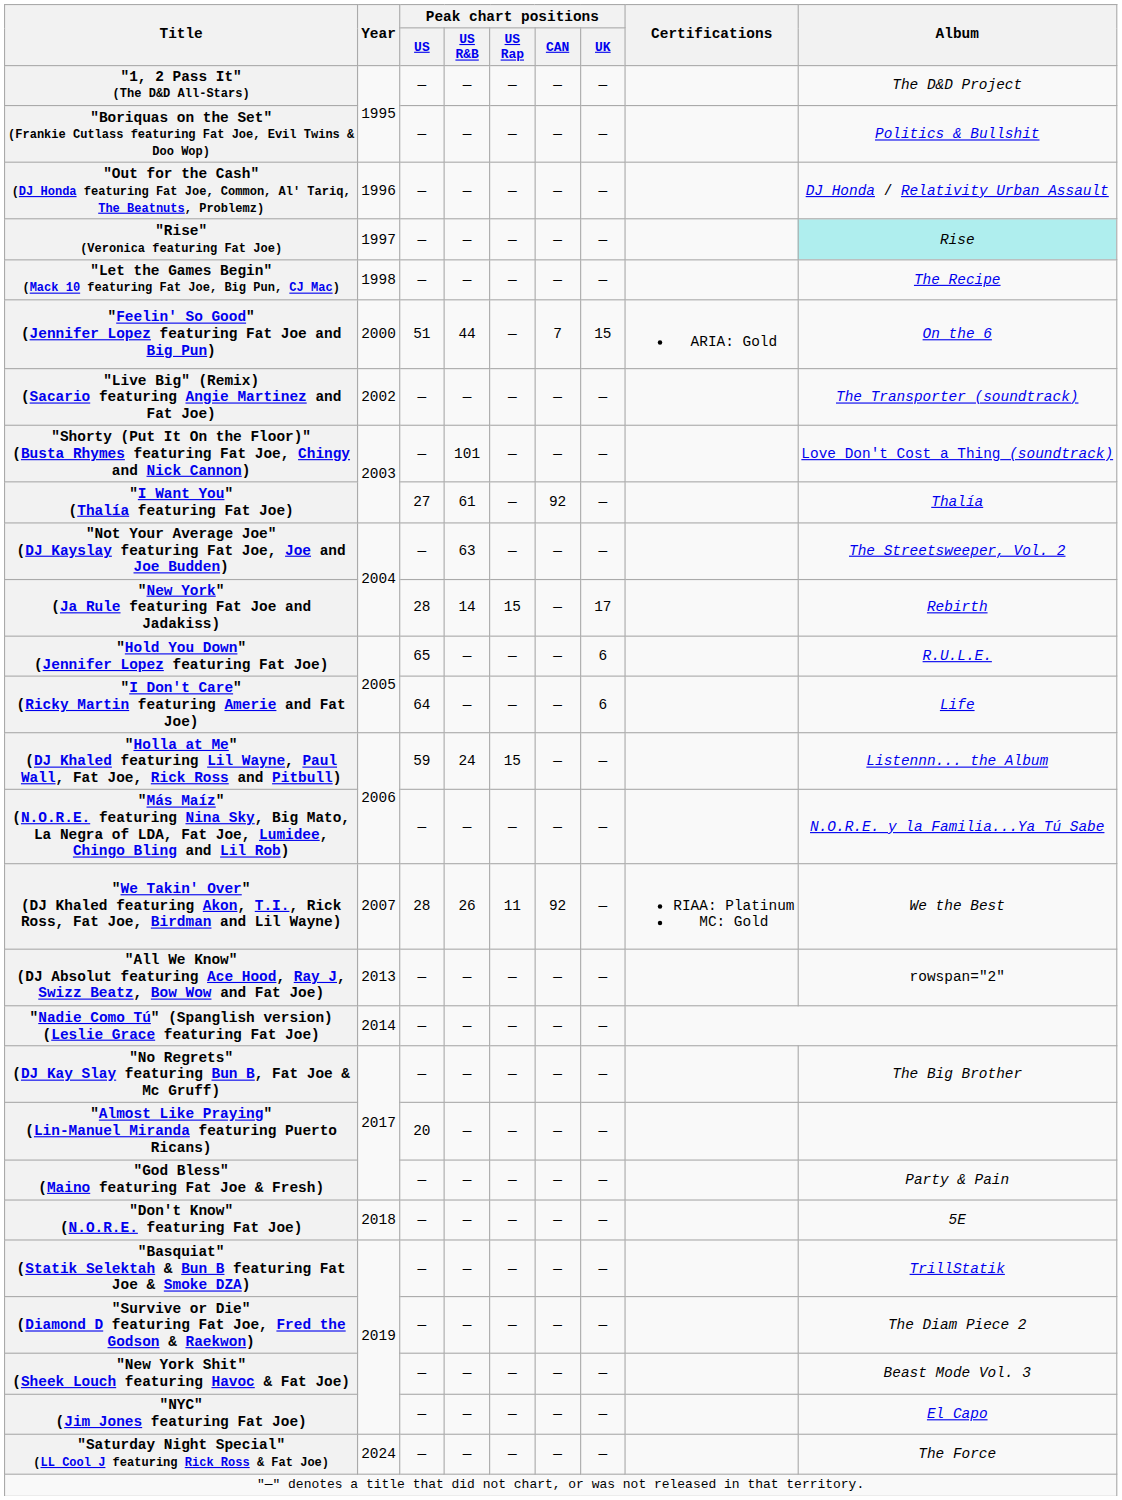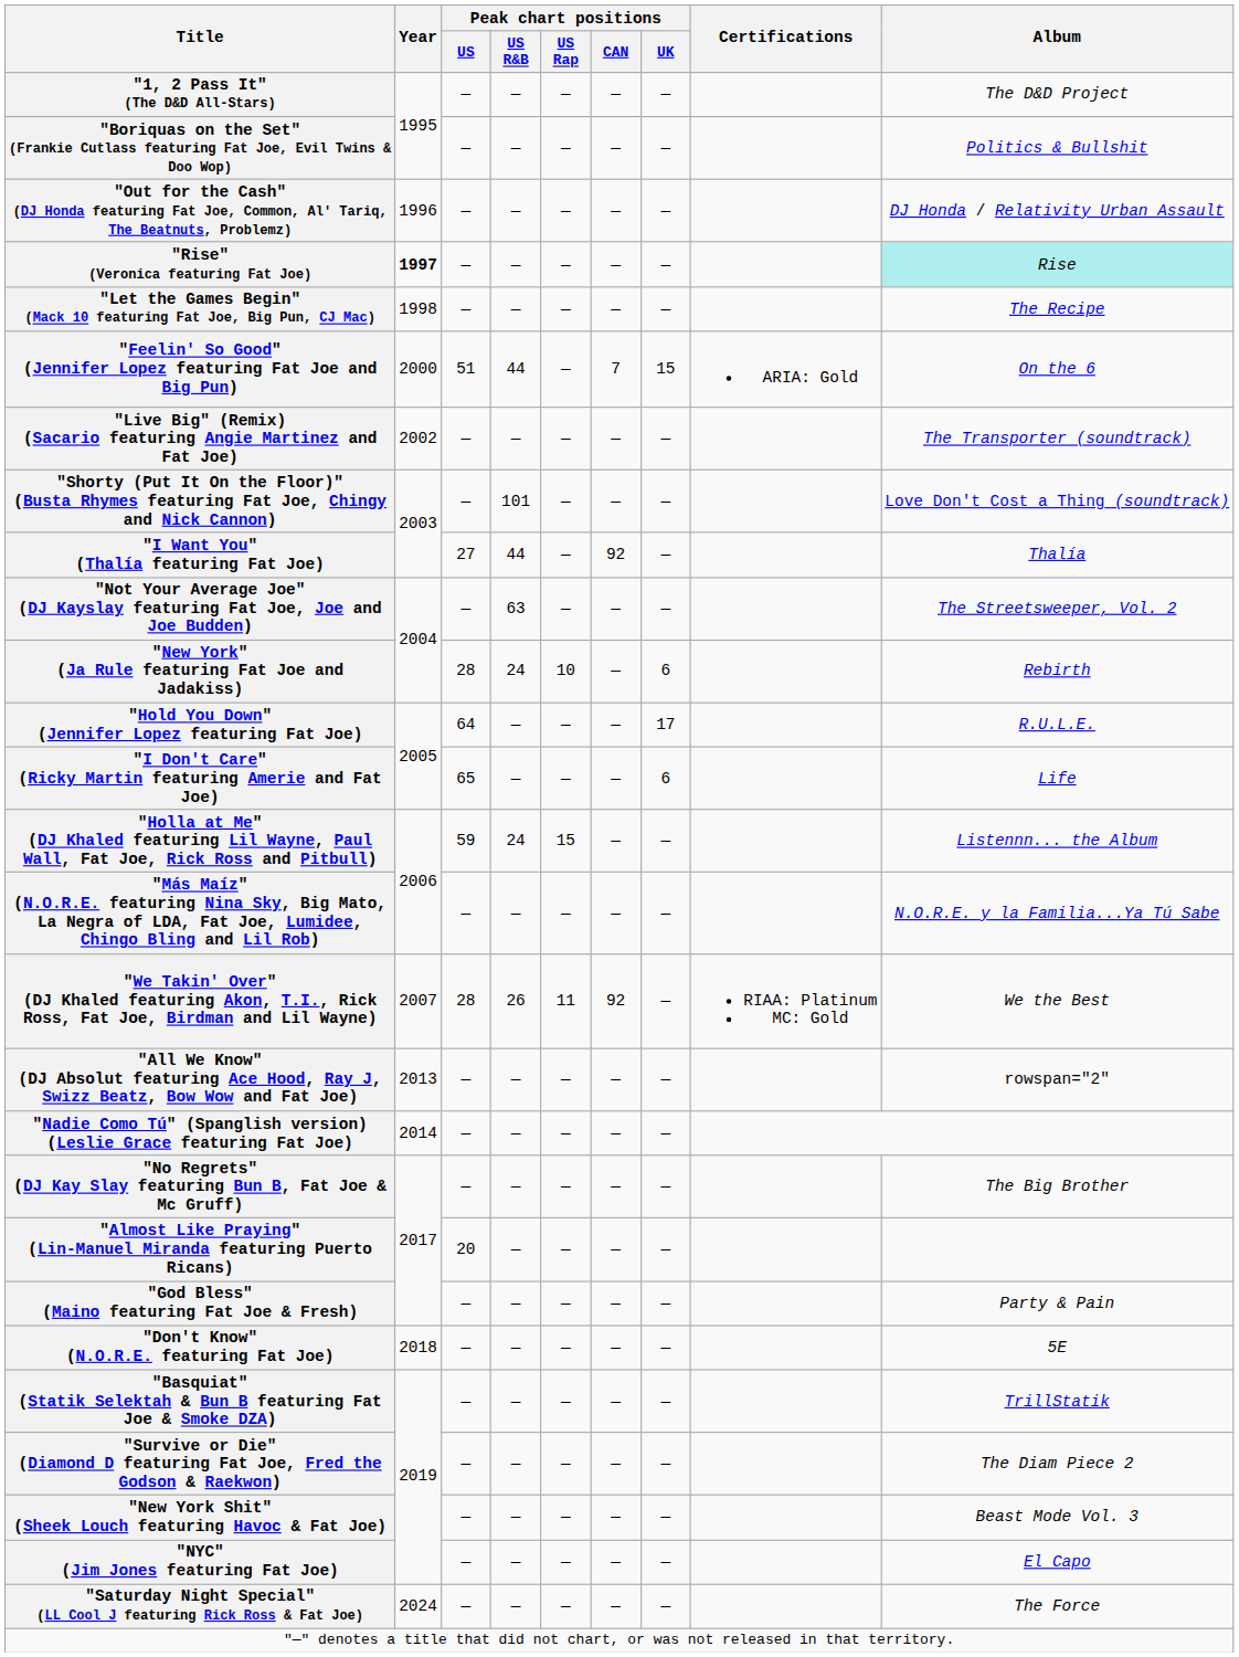 <table class="wikitable plainrowheaders" style="text-align:center;">
 <tr>
 <th scope="col" rowspan="2" style="width:24em;">Title</th>
 <th scope="col" rowspan="2">Year</th>
 <th scope="col" colspan="5">Peak chart positions</th>
 <th scope="col" rowspan="2">Certifications</th>
 <th scope="col" rowspan="2">Album</th>
 </tr>
 <tr>
 <th scope="col" style="width:3em;font-size:90%;"><a href='#'>US</a></th>
 <th scope="col" style="width:3em;font-size:90%;"><a href='#'>US<br>R&B</a></th>
 <th scope="col" style="width:3em;font-size:90%;"><a href='#'>US<br>Rap</a></th>
 <th scope="col" style="width:3em;font-size:90%;"><a href='#'>CAN</a></th>
 <th scope="col" style="width:3em;font-size:90%;"><a href='#'>UK</a></th>
 </tr>
 <tr>
 <th scope="row">"1, 2 Pass It"<br><small>(The D&D All-Stars)</small></th>
 <td rowspan="2">1995</td>
 <td>—</td>
 <td>—</td>
 <td>—</td>
 <td>—</td>
 <td>—</td>
 <td></td>
 <td><em>The D&D Project</em></td>
 </tr>
 <tr>
 <th scope="row">"Boriquas on the Set"<br><small>(Frankie Cutlass featuring Fat Joe, Evil Twins & Doo Wop)</small></th>
 <td>—</td>
 <td>—</td>
 <td>—</td>
 <td>—</td>
 <td>—</td>
 <td></td>
 <td><em><a href='#'>Politics & Bullshit</a></em></td>
 </tr>
 <tr>
 <th scope="row">"Out for the Cash"<br><small>(<a href='#'>DJ Honda</a> featuring Fat Joe, Common, Al' Tariq, <a href='#'>The Beatnuts</a>, Problemz)</small></th>
 <td>1996</td>
 <td>—</td>
 <td>—</td>
 <td>—</td>
 <td>—</td>
 <td>—</td>
 <td></td>
 <td><em><a href='#'>DJ Honda</a></em> / <em><a href='#'>Relativity Urban Assault</a></em></td>
 </tr>
 <tr>
 <th scope="row">"Rise"<br><small>(Veronica featuring Fat Joe)</small></th>
-<td>1997</td>
+<td><strong>1997</strong></td>
 <td>—</td>
 <td>—</td>
 <td>—</td>
 <td>—</td>
 <td>—</td>
 <td></td>
 <td style="background: paleturquoise;"><em>Rise</em></td>
 </tr>
 <tr>
 <th scope="row">"Let the Games Begin"<br><small>(<a href='#'>Mack 10</a> featuring Fat Joe, Big Pun, <a href='#'>CJ Mac</a>)</small></th>
 <td>1998</td>
 <td>—</td>
 <td>—</td>
 <td>—</td>
 <td>—</td>
 <td>—</td>
 <td></td>
 <td><em><a href='#'>The Recipe</a></em></td>
 </tr>
 <tr>
 <th scope="row">"<a href='#'>Feelin' So Good</a>"<br><span>(<a href='#'>Jennifer Lopez</a> featuring Fat Joe and <a href='#'>Big Pun</a>)</span></th>
 <td>2000</td>
 <td>51</td>
 <td>44</td>
 <td>—</td>
 <td>7</td>
 <td>15</td>
 <td><br><ul><li>ARIA: Gold</li></ul></td>
 <td><em><a href='#'>On the 6</a></em></td>
 </tr>
 <tr>
 <th scope="row">"Live Big" (Remix)<br><span>(<a href='#'>Sacario</a> featuring <a href='#'>Angie Martinez</a> and Fat Joe)</span></th>
 <td>2002</td>
 <td>—</td>
 <td>—</td>
 <td>—</td>
 <td>—</td>
 <td>—</td>
 <td></td>
 <td><em><a href='#'>The Transporter (soundtrack)</a></em></td>
 </tr>
 <tr>
 <th scope="row">"Shorty (Put It On the Floor)"<br><span>(<a href='#'>Busta Rhymes</a> featuring Fat Joe, <a href='#'>Chingy</a> and <a href='#'>Nick Cannon</a>)</span></th>
 <td rowspan="2">2003</td>
 <td>—</td>
 <td>101</td>
 <td>—</td>
 <td>—</td>
 <td>—</td>
 <td></td>
 <td><em><a href='#'></em>Love Don't Cost a Thing<em> (soundtrack)</a></em></td>
 </tr>
 <tr>
 <th scope="row">"<a href='#'>I Want You</a>"<br><span>(<a href='#'>Thalía</a> featuring Fat Joe)</span></th>
 <td>27</td>
-<td>61</td>
+<td>44</td>
 <td>—</td>
 <td>92</td>
 <td>—</td>
 <td></td>
 <td><em><a href='#'>Thalía</a></em></td>
 </tr>
 <tr>
 <th scope="row">"Not Your Average Joe"<br><span>(<a href='#'>DJ Kayslay</a> featuring Fat Joe, <a href='#'>Joe</a> and <a href='#'>Joe Budden</a>)</span></th>
 <td rowspan="2">2004</td>
 <td>—</td>
 <td>63</td>
 <td>—</td>
 <td>—</td>
 <td>—</td>
 <td></td>
 <td><em><a href='#'>The Streetsweeper, Vol. 2</a></em></td>
 </tr>
 <tr>
 <th scope="row">"<a href='#'>New York</a>"<br><span>(<a href='#'>Ja Rule</a> featuring Fat Joe and Jadakiss)</span></th>
 <td>28</td>
-<td>14</td>
-<td>15</td>
+<td>24</td>
+<td>10</td>
 <td>—</td>
-<td>17</td>
+<td>6</td>
 <td></td>
 <td><em><a href='#'>Rebirth</a></em></td>
 </tr>
 <tr>
 <th scope="row">"<a href='#'>Hold You Down</a>"<br><span>(<a href='#'>Jennifer Lopez</a> featuring Fat Joe)</span></th>
 <td rowspan="2">2005</td>
-<td>65</td>
+<td>64</td>
 <td>—</td>
 <td>—</td>
 <td>—</td>
-<td>6</td>
+<td>17</td>
 <td></td>
 <td><em><a href='#'>R.U.L.E.</a></em></td>
 </tr>
 <tr>
 <th scope="row">"<a href='#'>I Don't Care</a>"<br><span>(<a href='#'>Ricky Martin</a> featuring <a href='#'>Amerie</a> and Fat Joe)</span></th>
-<td>64</td>
+<td>65</td>
 <td>—</td>
 <td>—</td>
 <td>—</td>
 <td>6</td>
 <td></td>
 <td><em><a href='#'>Life</a></em></td>
 </tr>
 <tr>
 <th scope="row">"<a href='#'>Holla at Me</a>"<br><span>(<a href='#'>DJ Khaled</a> featuring <a href='#'>Lil Wayne</a>, <a href='#'>Paul Wall</a>, Fat Joe, <a href='#'>Rick Ross</a> and <a href='#'>Pitbull</a>)</span></th>
 <td rowspan="2">2006</td>
 <td>59</td>
 <td>24</td>
 <td>15</td>
 <td>—</td>
 <td>—</td>
 <td></td>
 <td><em><a href='#'>Listennn... the Album</a></em></td>
 </tr>
 <tr>
 <th scope="row">"<a href='#'>Más Maíz</a>"<br><span>(<a href='#'>N.O.R.E.</a> featuring <a href='#'>Nina Sky</a>, Big Mato, La Negra of LDA, Fat Joe, <a href='#'>Lumidee</a>, <a href='#'>Chingo Bling</a> and <a href='#'>Lil Rob</a>)</span></th>
 <td>—</td>
 <td>—</td>
 <td>—</td>
 <td>—</td>
 <td>—</td>
 <td></td>
 <td><em><a href='#'>N.O.R.E. y la Familia...Ya Tú Sabe</a></em></td>
 </tr>
 <tr>
 <th scope="row">"<a href='#'>We Takin' Over</a>"<br><span>(DJ Khaled featuring <a href='#'>Akon</a>, <a href='#'>T.I.</a>, Rick Ross, Fat Joe, <a href='#'>Birdman</a> and Lil Wayne)</span></th>
 <td>2007</td>
 <td>28</td>
 <td>26</td>
 <td>11</td>
 <td>92</td>
 <td>—</td>
 <td><br><ul><li>RIAA: Platinum</li><li>MC: Gold</li></ul></td>
 <td><em>We the Best</em></td>
 </tr>
 <tr>
 <th scope="row">"All We Know"<br><span>(DJ Absolut featuring <a href='#'>Ace Hood</a>, <a href='#'>Ray J</a>, <a href='#'>Swizz Beatz</a>, <a href='#'>Bow Wow</a> and Fat Joe)</span></th>
 <td>2013</td>
 <td>—</td>
 <td>—</td>
 <td>—</td>
 <td>—</td>
 <td>—</td>
 <td></td>
 <td>rowspan="2" </td>
 </tr>
 <tr>
 <th scope="row">"<a href='#'>Nadie Como Tú</a>" (Spanglish version)<br><span>(<a href='#'>Leslie Grace</a> featuring Fat Joe)</span></th>
 <td>2014</td>
 <td>—</td>
 <td>—</td>
 <td>—</td>
 <td>—</td>
 <td>—</td>
 </tr>
 <tr>
 <th scope="row">"No Regrets"<br><span>(<a href='#'>DJ Kay Slay</a> featuring <a href='#'>Bun B</a>, Fat Joe & Mc Gruff)</span></th>
 <td rowspan="3">2017</td>
 <td>—</td>
 <td>—</td>
 <td>—</td>
 <td>—</td>
 <td>—</td>
 <td></td>
 <td><em>The Big Brother</em></td>
 </tr>
 <tr>
 <th scope="row">"<a href='#'>Almost Like Praying</a>"<br><span>(<a href='#'>Lin-Manuel Miranda</a> featuring Puerto Ricans)</span></th>
 <td>20</td>
 <td>—</td>
 <td>—</td>
 <td>—</td>
 <td>—</td>
 <td></td>
 <td></td>
 </tr>
 <tr>
 <th scope="row">"God Bless"<br><span>(<a href='#'>Maino</a> featuring Fat Joe & Fresh)</span></th>
 <td>—</td>
 <td>—</td>
 <td>—</td>
 <td>—</td>
 <td>—</td>
 <td></td>
 <td><em>Party & Pain</em></td>
 </tr>
 <tr>
 <th scope="row">"Don't Know"<br><span>(<a href='#'>N.O.R.E.</a> featuring Fat Joe)</span></th>
 <td>2018</td>
 <td>—</td>
 <td>—</td>
 <td>—</td>
 <td>—</td>
 <td>—</td>
 <td></td>
 <td><em>5E</em></td>
 </tr>
 <tr>
 <th scope="row">"Basquiat"<br><span>(<a href='#'>Statik Selektah</a> & <a href='#'>Bun B</a> featuring Fat Joe & <a href='#'>Smoke DZA</a>)</span></th>
 <td rowspan="4">2019</td>
 <td>—</td>
 <td>—</td>
 <td>—</td>
 <td>—</td>
 <td>—</td>
 <td></td>
 <td><em><a href='#'>TrillStatik</a></em></td>
 </tr>
 <tr>
 <th scope="row">"Survive or Die"<br><span>(<a href='#'>Diamond D</a> featuring Fat Joe, <a href='#'>Fred the Godson</a> & <a href='#'>Raekwon</a>)</span></th>
 <td>—</td>
 <td>—</td>
 <td>—</td>
 <td>—</td>
 <td>—</td>
 <td></td>
 <td><em>The Diam Piece 2</em></td>
 </tr>
 <tr>
 <th scope="row">"New York Shit"<br><span>(<a href='#'>Sheek Louch</a> featuring <a href='#'>Havoc</a> & Fat Joe)</span></th>
 <td>—</td>
 <td>—</td>
 <td>—</td>
 <td>—</td>
 <td>—</td>
 <td></td>
 <td><em>Beast Mode Vol. 3</em></td>
 </tr>
 <tr>
 <th scope="row">"NYC"<br><span>(<a href='#'>Jim Jones</a> featuring Fat Joe)</span></th>
 <td>—</td>
 <td>—</td>
 <td>—</td>
 <td>—</td>
 <td>—</td>
 <td></td>
 <td><em><a href='#'>El Capo</a></em></td>
 </tr>
 <tr>
 <th scope="row">"Saturday Night Special"<br><small>(<a href='#'>LL Cool J</a> featuring <a href='#'>Rick Ross</a> & Fat Joe)<br></small></th>
 <td rowspan="1">2024</td>
 <td>—</td>
 <td>—</td>
 <td>—</td>
 <td>—</td>
 <td>—</td>
 <td></td>
 <td><em>The Force</em></td>
 </tr>
 <tr>
 <td colspan="14" style="font-size:90%">"—" denotes a title that did not chart, or was not released in that territory.</td>
 </tr>
 </table>
